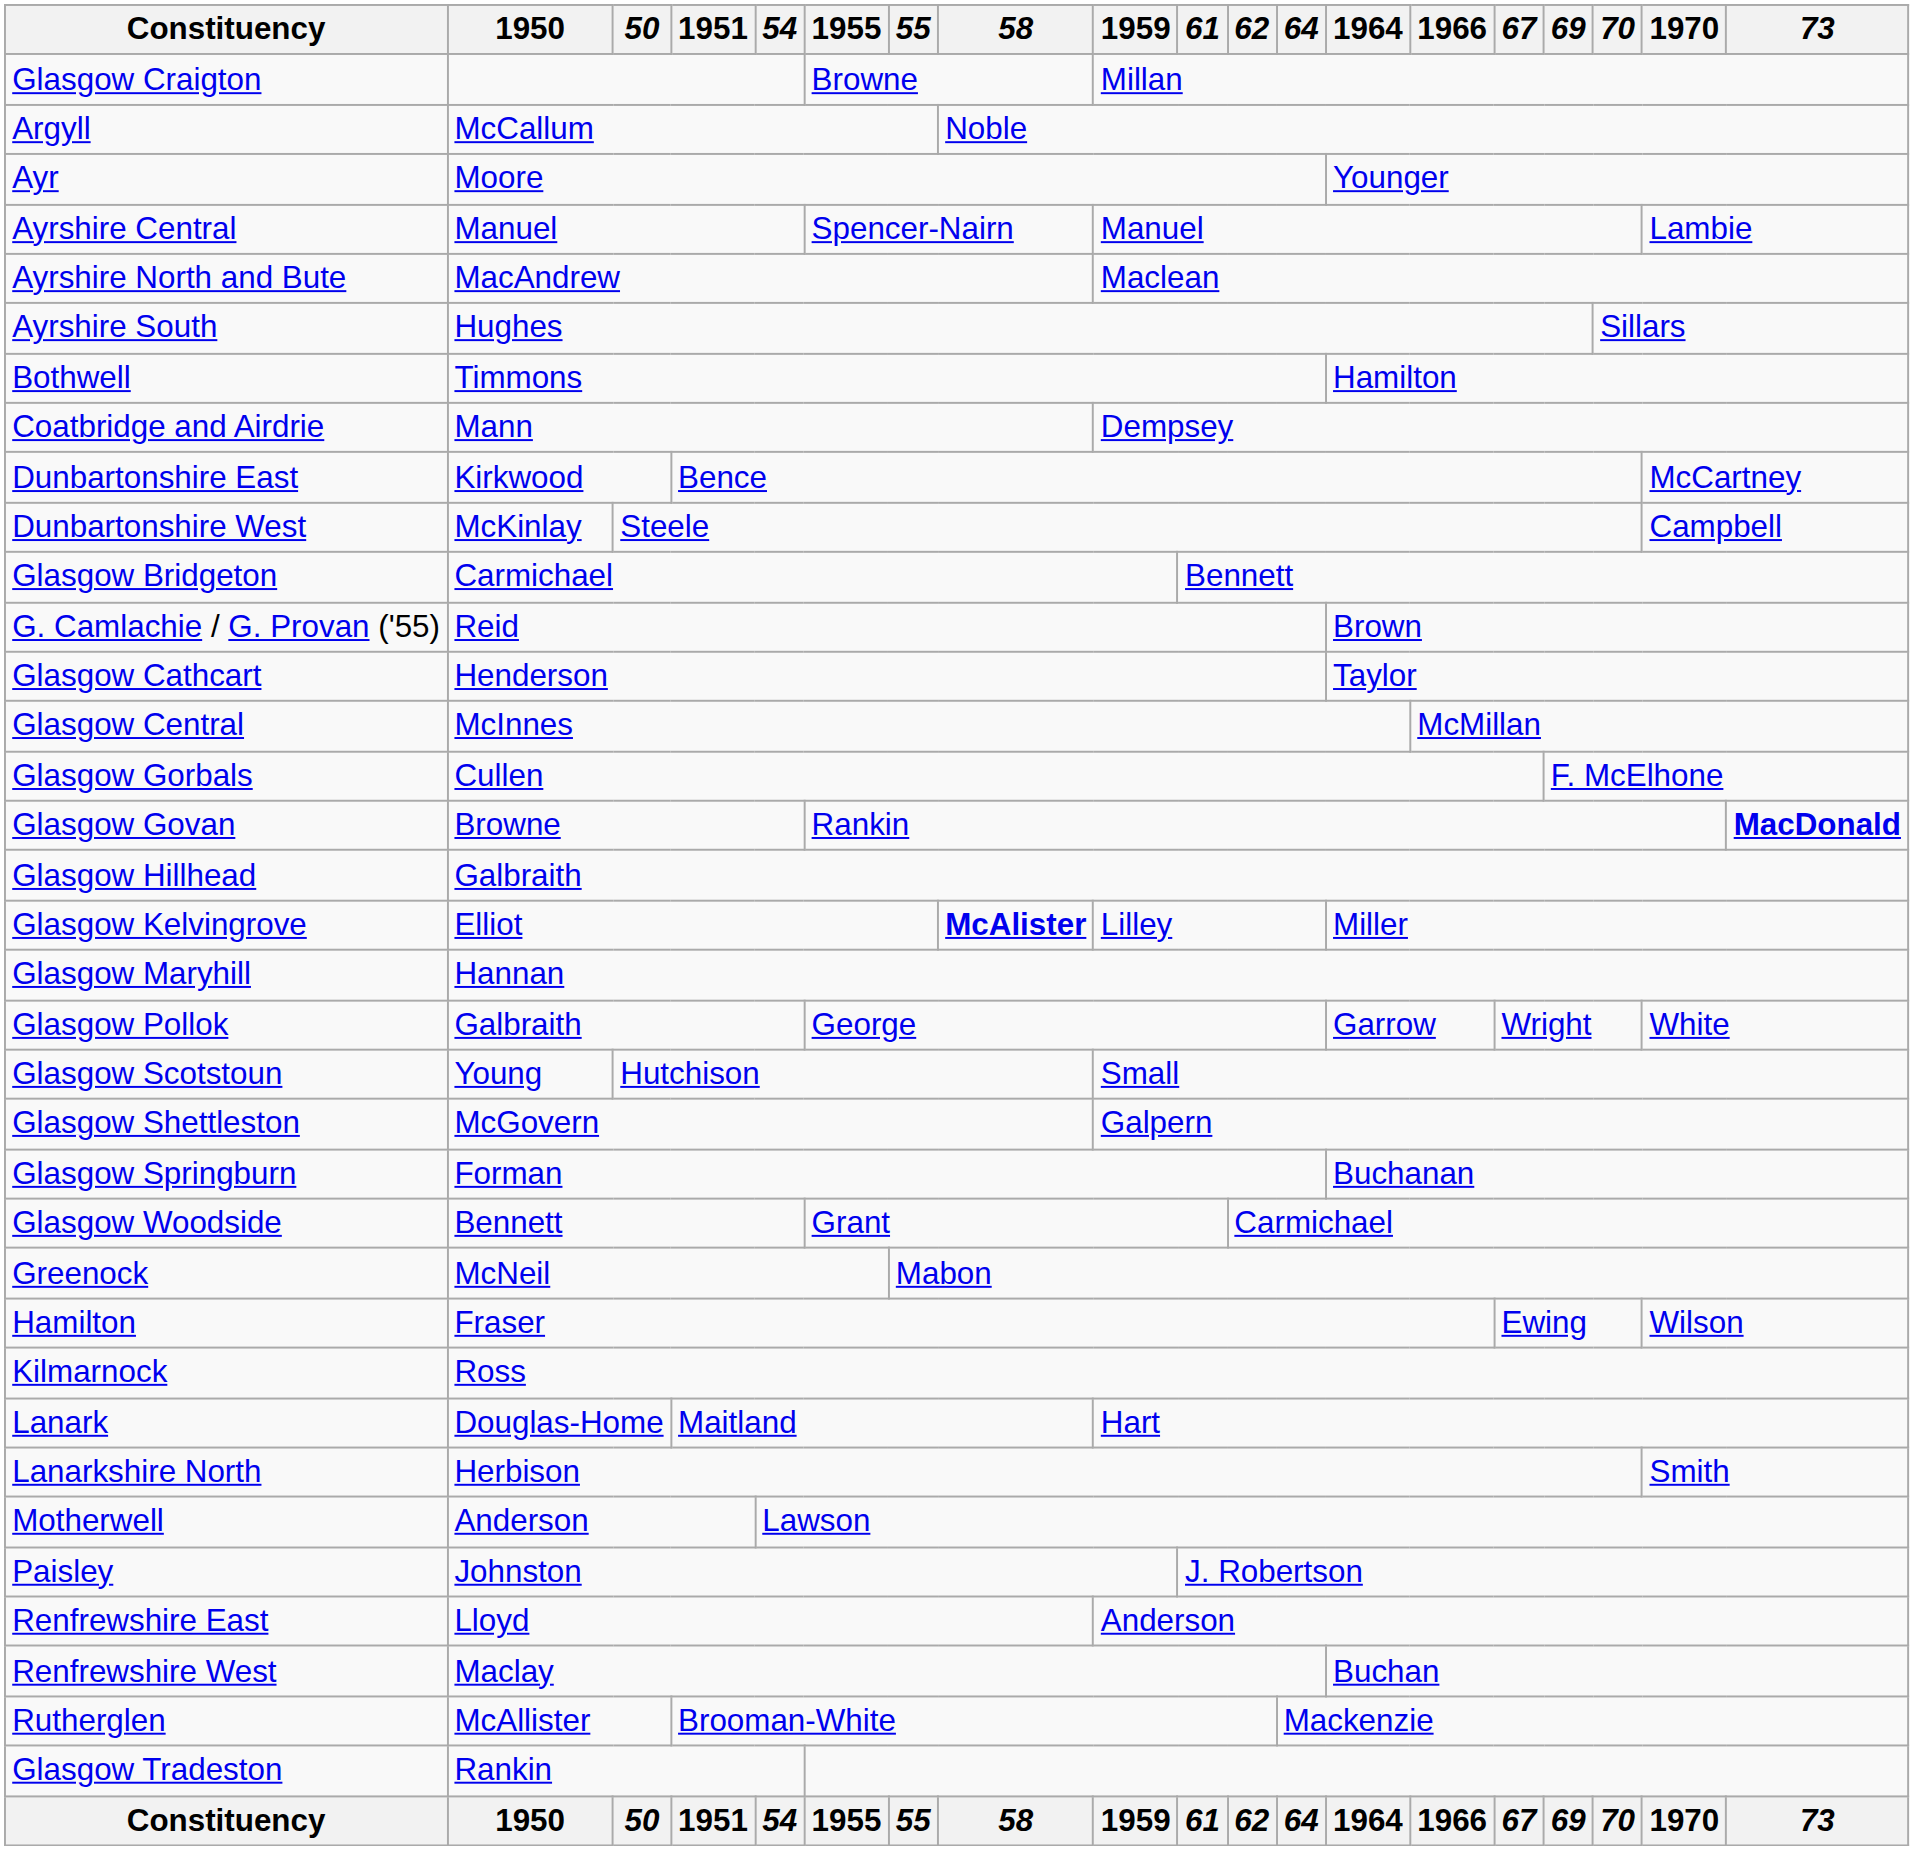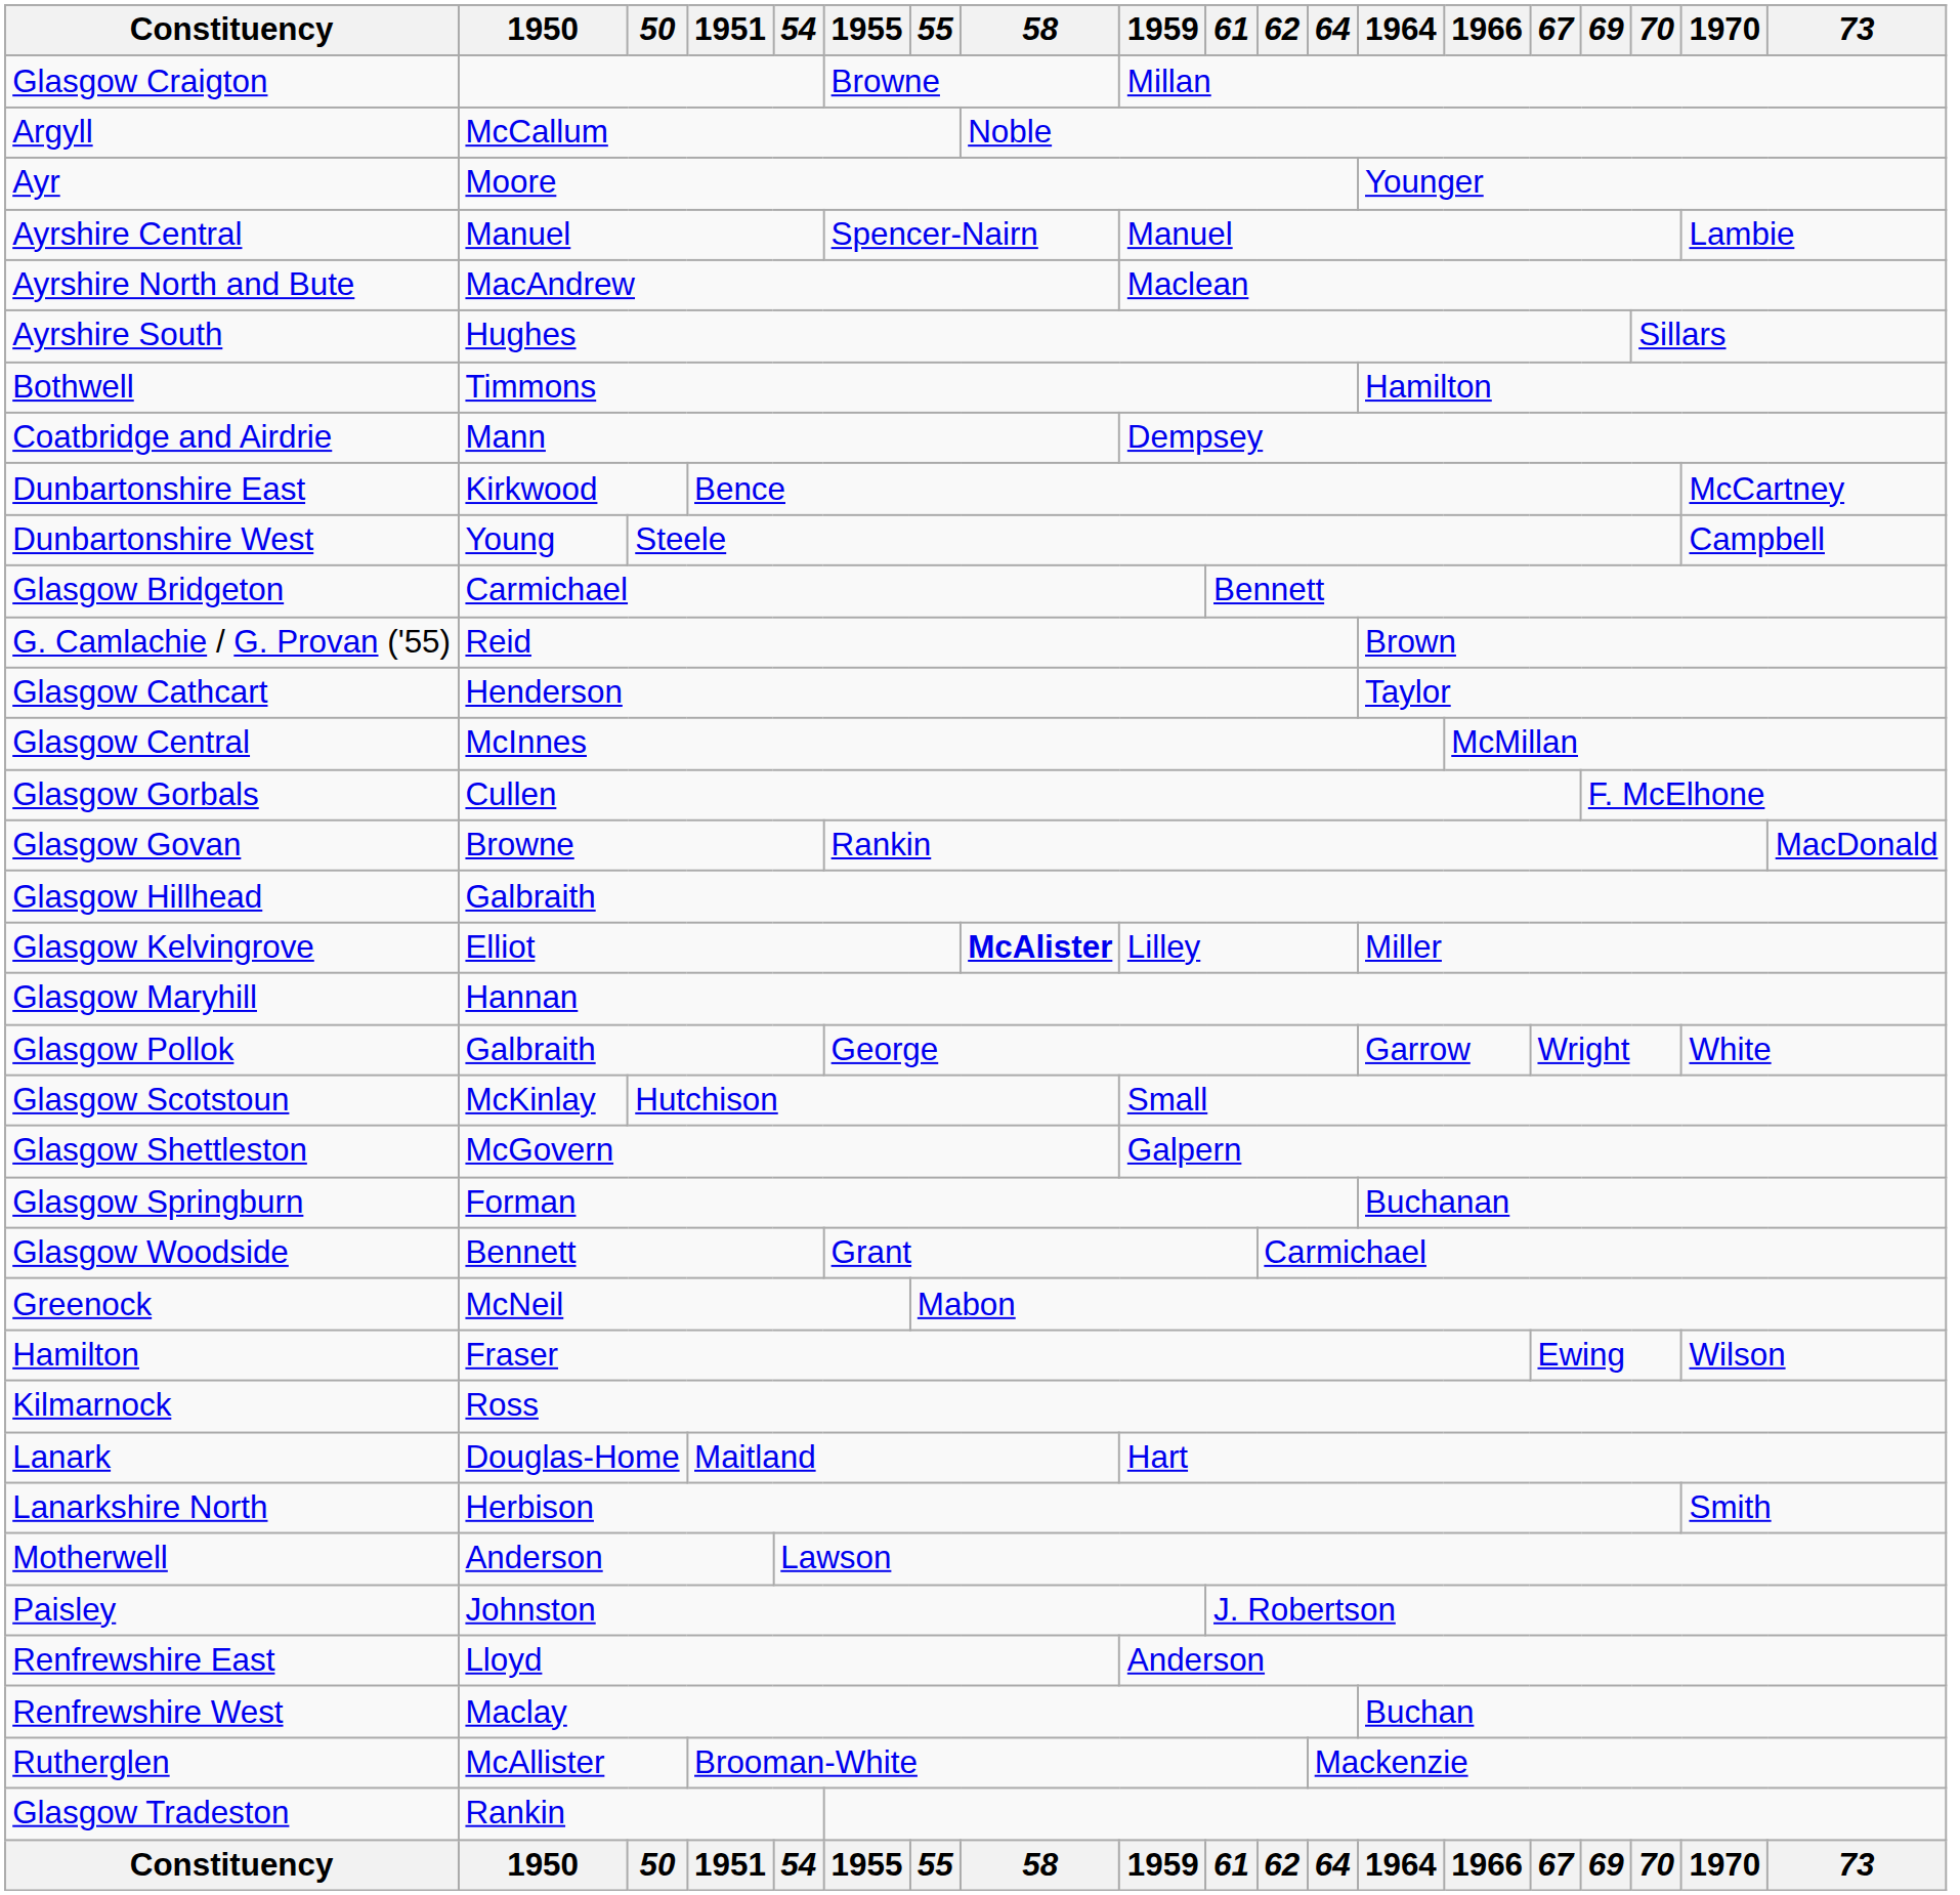 <table class="wikitable">
 <tr>
 <th>Constituency</th>
 <th>1950</th>
 <th><em>50</em></th>
 <th>1951</th>
 <th><em>54</em></th>
 <th>1955</th>
 <th><em>55</em></th>
 <th><em>58</em></th>
 <th>1959</th>
 <th><em>61</em></th>
 <th><em>62</em></th>
 <th><em>64</em></th>
 <th>1964</th>
 <th>1966</th>
 <th><em>67</em></th>
 <th><em>69</em></th>
 <th><em>70</em></th>
 <th>1970</th>
 <th><em>73</em></th>
 </tr>
 <tr>
 <td><a href='#'>Glasgow Craigton</a></td>
 <td colspan="4"></td>
 <td colspan="3"><a href='#'>Browne</a></td>
 <td colspan="11"><a href='#'>Millan</a></td>
 </tr>
 <tr>
 <td><a href='#'>Argyll</a></td>
 <td colspan="6"><a href='#'>McCallum</a></td>
 <td colspan="12"><a href='#'>Noble</a></td>
 </tr>
 <tr>
 <td><a href='#'>Ayr</a></td>
 <td colspan="11"><a href='#'>Moore</a></td>
 <td colspan="7"><a href='#'>Younger</a></td>
 </tr>
 <tr>
 <td><a href='#'>Ayrshire Central</a></td>
 <td colspan="4"><a href='#'>Manuel</a></td>
 <td colspan="3"><a href='#'>Spencer-Nairn</a></td>
 <td colspan="9"><a href='#'>Manuel</a></td>
 <td colspan="2"><a href='#'>Lambie</a></td>
 </tr>
 <tr>
 <td><a href='#'>Ayrshire North and Bute</a></td>
 <td colspan="7"><a href='#'>MacAndrew</a></td>
 <td colspan="11"><a href='#'>Maclean</a></td>
 </tr>
 <tr>
 <td><a href='#'>Ayrshire South</a></td>
 <td colspan="15"><a href='#'>Hughes</a></td>
 <td colspan="3"><a href='#'>Sillars</a></td>
 </tr>
 <tr>
 <td><a href='#'>Bothwell</a></td>
 <td colspan="11"><a href='#'>Timmons</a></td>
 <td colspan="7"><a href='#'>Hamilton</a></td>
 </tr>
 <tr>
 <td><a href='#'>Coatbridge and Airdrie</a></td>
 <td colspan="7"><a href='#'>Mann</a></td>
 <td colspan="11"><a href='#'>Dempsey</a></td>
 </tr>
 <tr>
 <td><a href='#'>Dunbartonshire East</a></td>
 <td colspan="2"><a href='#'>Kirkwood</a></td>
 <td colspan="14"><a href='#'>Bence</a></td>
 <td colspan="2"><a href='#'>McCartney</a></td>
 </tr>
 <tr>
 <td><a href='#'>Dunbartonshire West</a></td>
-<td><a href='#'>McKinlay</a></td>
+<td><a href='#'>Young</a></td>
 <td colspan="15"><a href='#'>Steele</a></td>
 <td colspan="2"><a href='#'>Campbell</a></td>
 </tr>
 <tr>
 <td><a href='#'>Glasgow Bridgeton</a></td>
 <td colspan="8"><a href='#'>Carmichael</a></td>
 <td colspan="10"><a href='#'>Bennett</a></td>
 </tr>
 <tr>
 <td><a href='#'>G. Camlachie</a> / <a href='#'>G. Provan</a> ('55)</td>
 <td colspan="11"><a href='#'>Reid</a></td>
 <td colspan="7"><a href='#'>Brown</a></td>
 </tr>
 <tr>
 <td><a href='#'>Glasgow Cathcart</a></td>
 <td colspan="11"><a href='#'>Henderson</a></td>
 <td colspan="7"><a href='#'>Taylor</a></td>
 </tr>
 <tr>
 <td><a href='#'>Glasgow Central</a></td>
 <td colspan="12"><a href='#'>McInnes</a></td>
 <td colspan="6"><a href='#'>McMillan</a></td>
 </tr>
 <tr>
 <td><a href='#'>Glasgow Gorbals</a></td>
 <td colspan="14"><a href='#'>Cullen</a></td>
 <td colspan="4"><a href='#'>F. McElhone</a></td>
 </tr>
 <tr>
 <td><a href='#'>Glasgow Govan</a></td>
 <td colspan="4"><a href='#'>Browne</a></td>
 <td colspan="13"><a href='#'>Rankin</a></td>
-<td><strong><a href='#'>MacDonald</a></strong></td>
+<td><a href='#'>MacDonald</a></td>
 </tr>
 <tr>
 <td><a href='#'>Glasgow Hillhead</a></td>
 <td colspan="18"><a href='#'>Galbraith</a></td>
 </tr>
 <tr>
 <td><a href='#'>Glasgow Kelvingrove</a></td>
 <td colspan="6"><a href='#'>Elliot</a></td>
 <td><strong><a href='#'>McAlister</a></strong></td>
 <td colspan="4"><a href='#'>Lilley</a></td>
 <td colspan="7"><a href='#'>Miller</a></td>
 </tr>
 <tr>
 <td><a href='#'>Glasgow Maryhill</a></td>
 <td colspan="18"><a href='#'>Hannan</a></td>
 </tr>
 <tr>
 <td><a href='#'>Glasgow Pollok</a></td>
 <td colspan="4"><a href='#'>Galbraith</a></td>
 <td colspan="7"><a href='#'>George</a></td>
 <td colspan="2"><a href='#'>Garrow</a></td>
 <td colspan="3"><a href='#'>Wright</a></td>
 <td colspan="2"><a href='#'>White</a></td>
 </tr>
 <tr>
 <td><a href='#'>Glasgow Scotstoun</a></td>
-<td><a href='#'>Young</a></td>
+<td><a href='#'>McKinlay</a></td>
 <td colspan="6"><a href='#'>Hutchison</a></td>
 <td colspan="11"><a href='#'>Small</a></td>
 </tr>
 <tr>
 <td><a href='#'>Glasgow Shettleston</a></td>
 <td colspan="7"><a href='#'>McGovern</a></td>
 <td colspan="11"><a href='#'>Galpern</a></td>
 </tr>
 <tr>
 <td><a href='#'>Glasgow Springburn</a></td>
 <td colspan="11"><a href='#'>Forman</a></td>
 <td colspan="7"><a href='#'>Buchanan</a></td>
 </tr>
 <tr>
 <td><a href='#'>Glasgow Woodside</a></td>
 <td colspan="4"><a href='#'>Bennett</a></td>
 <td colspan="5"><a href='#'>Grant</a></td>
 <td colspan="9"><a href='#'>Carmichael</a></td>
 </tr>
 <tr>
 <td><a href='#'>Greenock</a></td>
 <td colspan="5"><a href='#'>McNeil</a></td>
 <td colspan="13"><a href='#'>Mabon</a></td>
 </tr>
 <tr>
 <td><a href='#'>Hamilton</a></td>
 <td colspan="13"><a href='#'>Fraser</a></td>
 <td colspan="3"><a href='#'>Ewing</a></td>
 <td colspan="2"><a href='#'>Wilson</a></td>
 </tr>
 <tr>
 <td><a href='#'>Kilmarnock</a></td>
 <td colspan="18"><a href='#'>Ross</a></td>
 </tr>
 <tr>
 <td><a href='#'>Lanark</a></td>
 <td colspan="2"><a href='#'>Douglas-Home</a></td>
 <td colspan="5"><a href='#'>Maitland</a></td>
 <td colspan="11"><a href='#'>Hart</a></td>
 </tr>
 <tr>
 <td><a href='#'>Lanarkshire North</a></td>
 <td colspan="16"><a href='#'>Herbison</a></td>
 <td colspan="2"><a href='#'>Smith</a></td>
 </tr>
 <tr>
 <td><a href='#'>Motherwell</a></td>
 <td colspan="3"><a href='#'>Anderson</a></td>
 <td colspan="15"><a href='#'>Lawson</a></td>
 </tr>
 <tr>
 <td><a href='#'>Paisley</a></td>
 <td colspan="8"><a href='#'>Johnston</a></td>
 <td colspan="10"><a href='#'>J. Robertson</a></td>
 </tr>
 <tr>
 <td><a href='#'>Renfrewshire East</a></td>
 <td colspan="7"><a href='#'>Lloyd</a></td>
 <td colspan="11"><a href='#'>Anderson</a></td>
 </tr>
 <tr>
 <td><a href='#'>Renfrewshire West</a></td>
 <td colspan="11"><a href='#'>Maclay</a></td>
 <td colspan="7"><a href='#'>Buchan</a></td>
 </tr>
 <tr>
 <td><a href='#'>Rutherglen</a></td>
 <td colspan="2"><a href='#'>McAllister</a></td>
 <td colspan="8"><a href='#'>Brooman-White</a></td>
 <td colspan="8"><a href='#'>Mackenzie</a></td>
 </tr>
 <tr>
 <td><a href='#'>Glasgow Tradeston</a></td>
 <td colspan="4"><a href='#'>Rankin</a></td>
 <td colspan="14"></td>
 </tr>
 <tr>
 <th>Constituency</th>
 <th>1950</th>
 <th><em>50</em></th>
 <th>1951</th>
 <th><em>54</em></th>
 <th>1955</th>
 <th><em>55</em></th>
 <th><em>58</em></th>
 <th>1959</th>
 <th><em>61</em></th>
 <th><em>62</em></th>
 <th><em>64</em></th>
 <th>1964</th>
 <th>1966</th>
 <th><em>67</em></th>
 <th><em>69</em></th>
 <th><em>70</em></th>
 <th>1970</th>
 <th><em>73</em></th>
 </tr>
 </table>
